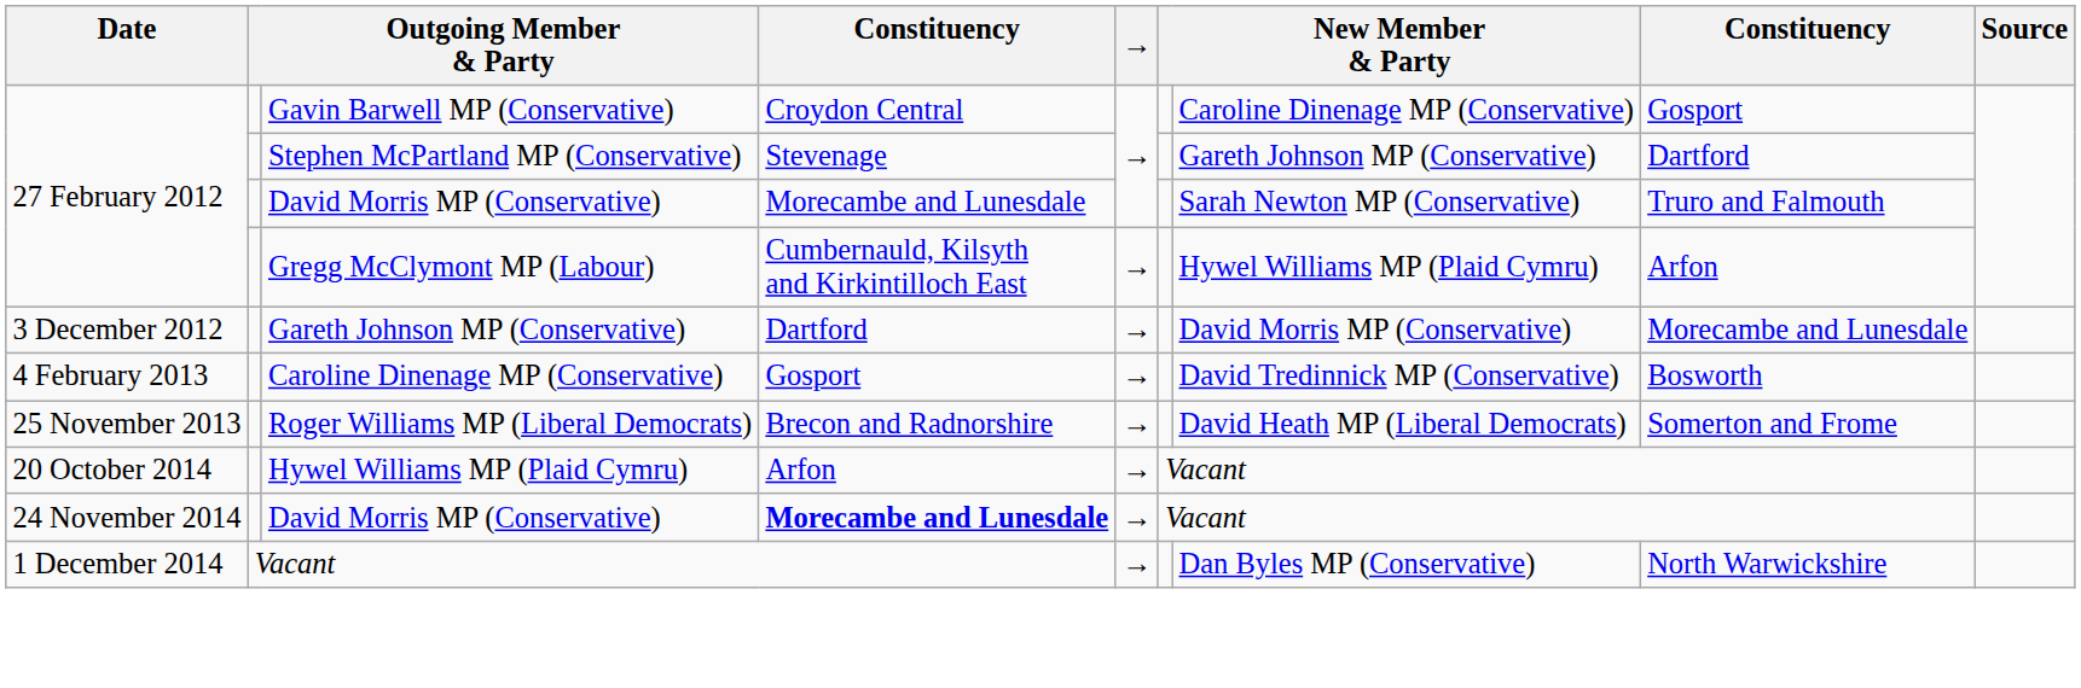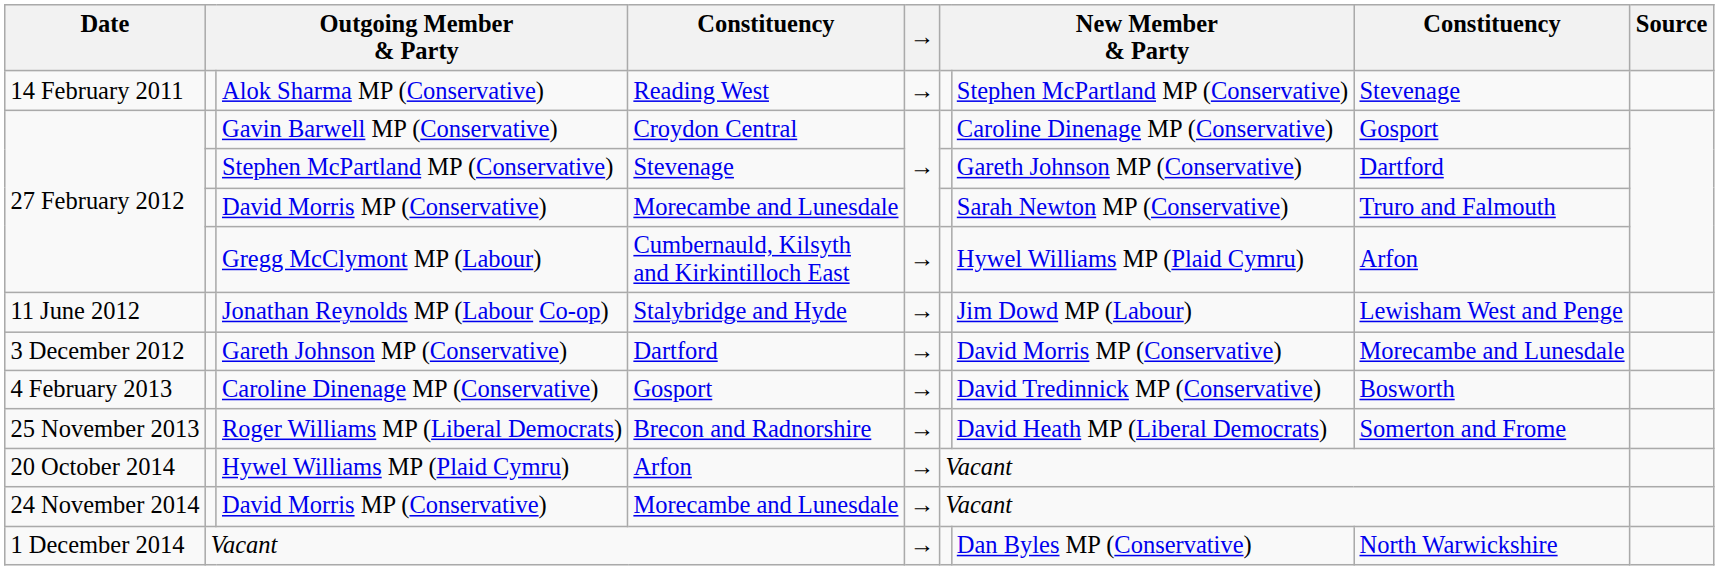 <table class="wikitable">
 <tr>
 <th valign="top">Date</th>
 <th colspan="2" valign="top">Outgoing Member<br>& Party</th>
 <th valign="top">Constituency</th>
 <th>→</th>
 <th colspan="2" valign="top">New Member<br>& Party</th>
 <th valign="top">Constituency</th>
 <th valign="top">Source</th>
+</tr>
+<tr>
+<td>14 February 2011</td>
+<td style="color:inherit;background:"></td>
+<td><a href='#'>Alok Sharma</a> MP (<a href='#'>Conservative</a>)</td>
+<td><a href='#'>Reading West</a></td>
+<td>→</td>
+<td style="color:inherit;background:"></td>
+<td><a href='#'>Stephen McPartland</a> MP (<a href='#'>Conservative</a>)</td>
+<td><a href='#'>Stevenage</a></td>
+<td></td>
 </tr>
 <tr>
 <td rowspan=4>27 February 2012</td>
 <td style="color:inherit;background:"></td>
 <td><a href='#'>Gavin Barwell</a> MP (<a href='#'>Conservative</a>)</td>
 <td><a href='#'>Croydon Central</a></td>
 <td rowspan=3>→</td>
 <td style="color:inherit;background:"></td>
 <td><a href='#'>Caroline Dinenage</a> MP (<a href='#'>Conservative</a>)</td>
 <td><a href='#'>Gosport</a></td>
 <td rowspan=4></td>
 </tr>
 <tr>
 <td style="color:inherit;background:"></td>
 <td><a href='#'>Stephen McPartland</a> MP (<a href='#'>Conservative</a>)</td>
 <td><a href='#'>Stevenage</a></td>
 <td style="color:inherit;background:"></td>
 <td><a href='#'>Gareth Johnson</a> MP (<a href='#'>Conservative</a>)</td>
 <td><a href='#'>Dartford</a></td>
 </tr>
 <tr>
 <td style="color:inherit;background:"></td>
 <td><a href='#'>David Morris</a> MP (<a href='#'>Conservative</a>)</td>
 <td><a href='#'>Morecambe and Lunesdale</a></td>
 <td style="color:inherit;background:"></td>
 <td><a href='#'>Sarah Newton</a> MP (<a href='#'>Conservative</a>)</td>
 <td><a href='#'>Truro and Falmouth</a></td>
 </tr>
 <tr>
 <td style="color:inherit;background:"></td>
 <td><a href='#'>Gregg McClymont</a> MP (<a href='#'>Labour</a>)</td>
 <td><a href='#'>Cumbernauld, Kilsyth<br>and Kirkintilloch East</a></td>
 <td>→</td>
 <td style="color:inherit;background:"></td>
 <td><a href='#'>Hywel Williams</a> MP (<a href='#'>Plaid Cymru</a>)</td>
 <td><a href='#'>Arfon</a></td>
+</tr>
+<tr>
+<td>11 June 2012</td>
+<td style="color:inherit;background:"></td>
+<td><a href='#'>Jonathan Reynolds</a> MP (<a href='#'>Labour</a> <a href='#'>Co-op</a>)</td>
+<td><a href='#'>Stalybridge and Hyde</a></td>
+<td>→</td>
+<td style="color:inherit;background:"></td>
+<td><a href='#'>Jim Dowd</a> MP (<a href='#'>Labour</a>)</td>
+<td><a href='#'>Lewisham West and Penge</a></td>
+<td></td>
 </tr>
 <tr>
 <td nowrap>3 December 2012</td>
 <td style="color:inherit;background:"></td>
 <td><a href='#'>Gareth Johnson</a> MP (<a href='#'>Conservative</a>)</td>
 <td><a href='#'>Dartford</a></td>
 <td>→</td>
 <td style="color:inherit;background:"></td>
 <td><a href='#'>David Morris</a> MP (<a href='#'>Conservative</a>)</td>
 <td><a href='#'>Morecambe and Lunesdale</a></td>
 <td></td>
 </tr>
 <tr>
 <td>4 February 2013</td>
 <td style="color:inherit;background:"></td>
 <td><a href='#'>Caroline Dinenage</a> MP (<a href='#'>Conservative</a>)</td>
 <td><a href='#'>Gosport</a></td>
 <td>→</td>
 <td style="color:inherit;background:"></td>
 <td><a href='#'>David Tredinnick</a> MP (<a href='#'>Conservative</a>)</td>
 <td><a href='#'>Bosworth</a></td>
 <td></td>
 </tr>
 <tr>
 <td>25 November 2013</td>
 <td style="color:inherit;background:"></td>
 <td><a href='#'>Roger Williams</a> MP (<a href='#'>Liberal Democrats</a>)</td>
 <td><a href='#'>Brecon and Radnorshire</a></td>
 <td>→</td>
 <td style="color:inherit;background:"></td>
 <td><a href='#'>David Heath</a> MP (<a href='#'>Liberal Democrats</a>)</td>
 <td><a href='#'>Somerton and Frome</a></td>
 <td></td>
 </tr>
 <tr>
 <td>20 October 2014</td>
 <td style="color:inherit;background:"></td>
 <td><a href='#'>Hywel Williams</a> MP (<a href='#'>Plaid Cymru</a>)</td>
 <td><a href='#'>Arfon</a></td>
 <td>→</td>
 <td colspan=3><em>Vacant</em></td>
 <td></td>
 </tr>
 <tr>
 <td>24 November 2014</td>
 <td style="color:inherit;background:"></td>
 <td><a href='#'>David Morris</a> MP (<a href='#'>Conservative</a>)</td>
-<td><strong><a href='#'>Morecambe and Lunesdale</a></strong></td>
+<td><a href='#'>Morecambe and Lunesdale</a></td>
 <td>→</td>
 <td colspan=3><em>Vacant</em></td>
 <td></td>
 </tr>
 <tr>
 <td>1 December 2014</td>
 <td colspan=3><em>Vacant</em></td>
 <td>→</td>
 <td style="color:inherit;background:"></td>
 <td><a href='#'>Dan Byles</a> MP (<a href='#'>Conservative</a>)</td>
 <td><a href='#'>North Warwickshire</a></td>
 <td></td>
 </tr>
 </table>
